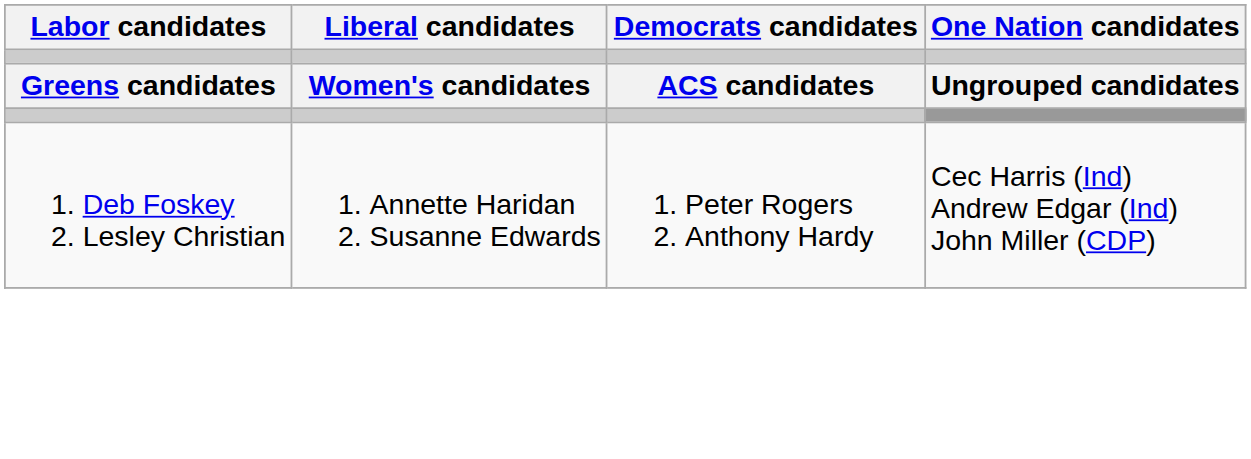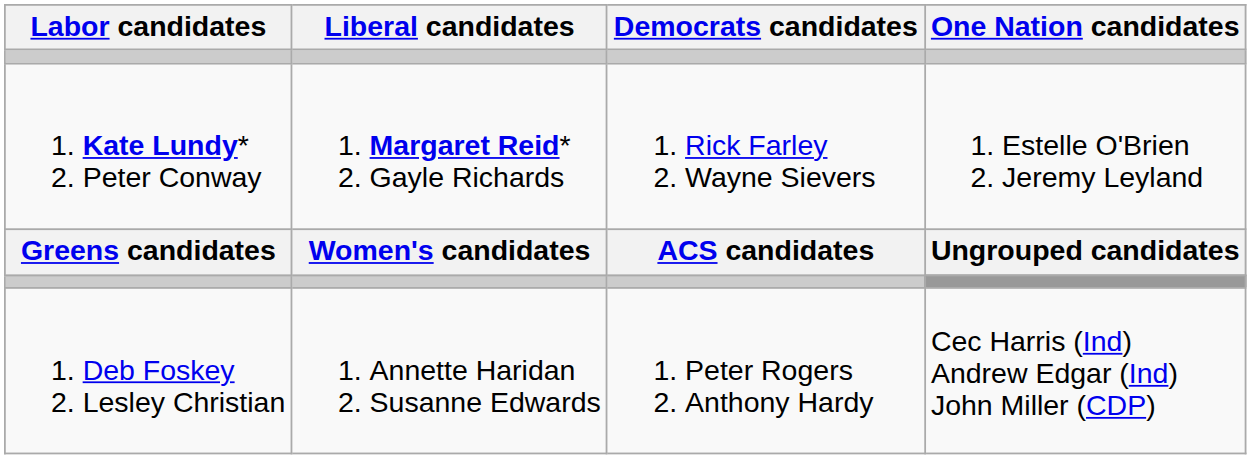 <table class="wikitable">
 <tr>
 <th><a href='#'>Labor</a> candidates</th>
 <th><a href='#'>Liberal</a> candidates</th>
 <th><a href='#'>Democrats</a> candidates</th>
 <th><a href='#'>One Nation</a> candidates</th>
 </tr>
 <tr bgcolor="#cccccc">
 <td></td>
 <td></td>
 <td></td>
 <td></td>
+</tr>
+<tr>
+<td><br><ol><li><strong><a href='#'>Kate Lundy</a></strong>*</li><li>Peter Conway</li></ol></td>
+<td><br><ol><li><strong><a href='#'>Margaret Reid</a></strong>*</li><li>Gayle Richards</li></ol></td>
+<td valign=top><br><ol><li><a href='#'>Rick Farley</a></li><li>Wayne Sievers</li></ol></td>
+<td valign=top><br><ol><li>Estelle O'Brien</li><li>Jeremy Leyland</li></ol></td>
 </tr>
 <tr bgcolor="#cccccc">
 <th><a href='#'>Greens</a> candidates</th>
 <th><a href='#'>Women's</a> candidates</th>
 <th><a href='#'>ACS</a> candidates</th>
 <th>Ungrouped candidates</th>
 </tr>
 <tr bgcolor="#cccccc">
 <td></td>
 <td></td>
 <td></td>
 <td bgcolor="#999999"></td>
 </tr>
 <tr>
 <td valign=top><br><ol><li><a href='#'>Deb Foskey</a></li><li>Lesley Christian</li></ol></td>
 <td valign=top><br><ol><li>Annette Haridan</li><li>Susanne Edwards</li></ol></td>
 <td valign=top><br><ol><li>Peter Rogers</li><li>Anthony Hardy</li></ol></td>
 <td valign=top><br>Cec Harris (<a href='#'>Ind</a>)<br> Andrew Edgar (<a href='#'>Ind</a>)<br> John Miller (<a href='#'>CDP</a>)</td>
 </tr>
 </table>
